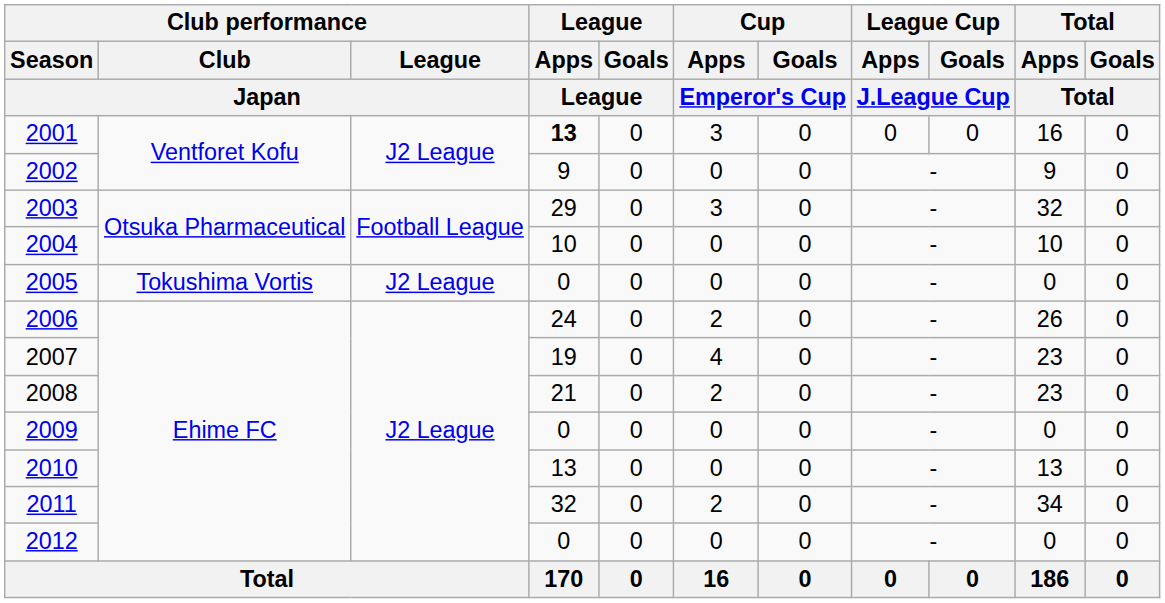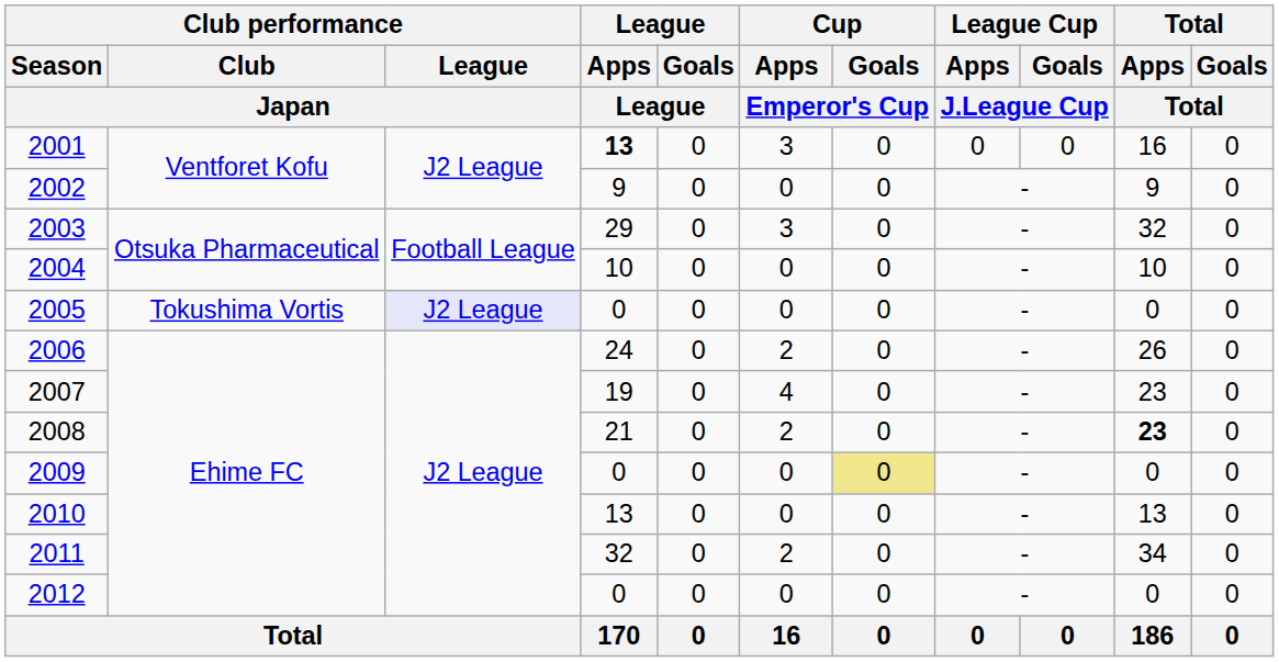 <table class="wikitable" style="text-align:center;">
 <tr>
 <th colspan=3>Club performance</th>
 <th colspan=2>League</th>
 <th colspan=2>Cup</th>
 <th colspan=2>League Cup</th>
 <th colspan=2>Total</th>
 </tr>
 <tr>
 <th>Season</th>
 <th>Club</th>
 <th>League</th>
 <th>Apps</th>
 <th>Goals</th>
 <th>Apps</th>
 <th>Goals</th>
 <th>Apps</th>
 <th>Goals</th>
 <th>Apps</th>
 <th>Goals</th>
 </tr>
 <tr>
 <th colspan=3>Japan</th>
 <th colspan=2>League</th>
 <th colspan=2><a href='#'>Emperor's Cup</a></th>
 <th colspan=2><a href='#'>J.League Cup</a></th>
 <th colspan=2>Total</th>
 </tr>
 <tr>
 <td><a href='#'>2001</a></td>
 <td rowspan="2"><a href='#'>Ventforet Kofu</a></td>
 <td rowspan="2"><a href='#'>J2 League</a></td>
 <td><strong>13</strong></td>
 <td>0</td>
 <td>3</td>
 <td>0</td>
 <td>0</td>
 <td>0</td>
 <td>16</td>
 <td>0</td>
 </tr>
 <tr>
 <td><a href='#'>2002</a></td>
 <td>9</td>
 <td>0</td>
 <td>0</td>
 <td>0</td>
 <td colspan="2">-</td>
 <td>9</td>
 <td>0</td>
 </tr>
 <tr>
 <td><a href='#'>2003</a></td>
 <td rowspan="2"><a href='#'>Otsuka Pharmaceutical</a></td>
 <td rowspan="2"><a href='#'>Football League</a></td>
 <td>29</td>
 <td>0</td>
 <td>3</td>
 <td>0</td>
 <td colspan="2">-</td>
 <td>32</td>
 <td>0</td>
 </tr>
 <tr>
 <td><a href='#'>2004</a></td>
 <td>10</td>
 <td>0</td>
 <td>0</td>
 <td>0</td>
 <td colspan="2">-</td>
 <td>10</td>
 <td>0</td>
 </tr>
 <tr>
 <td><a href='#'>2005</a></td>
 <td><a href='#'>Tokushima Vortis</a></td>
-<td><a href='#'>J2 League</a></td>
+<td style="background: lavender;"><a href='#'>J2 League</a></td>
 <td>0</td>
 <td>0</td>
 <td>0</td>
 <td>0</td>
 <td colspan="2">-</td>
 <td>0</td>
 <td>0</td>
 </tr>
 <tr>
 <td><a href='#'>2006</a></td>
 <td rowspan="7"><a href='#'>Ehime FC</a></td>
 <td rowspan="7"><a href='#'>J2 League</a></td>
 <td>24</td>
 <td>0</td>
 <td>2</td>
 <td>0</td>
 <td colspan="2">-</td>
 <td>26</td>
 <td>0</td>
 </tr>
 <tr>
 <td>2007</td>
 <td>19</td>
 <td>0</td>
 <td>4</td>
 <td>0</td>
 <td colspan="2">-</td>
 <td>23</td>
 <td>0</td>
 </tr>
 <tr>
 <td>2008</td>
 <td>21</td>
 <td>0</td>
 <td>2</td>
 <td>0</td>
 <td colspan="2">-</td>
-<td>23</td>
+<td><strong>23</strong></td>
 <td>0</td>
 </tr>
 <tr>
 <td><a href='#'>2009</a></td>
 <td>0</td>
 <td>0</td>
 <td>0</td>
-<td>0</td>
+<td style="background: khaki;">0</td>
 <td colspan="2">-</td>
 <td>0</td>
 <td>0</td>
 </tr>
 <tr>
 <td><a href='#'>2010</a></td>
 <td>13</td>
 <td>0</td>
 <td>0</td>
 <td>0</td>
 <td colspan="2">-</td>
 <td>13</td>
 <td>0</td>
 </tr>
 <tr>
 <td><a href='#'>2011</a></td>
 <td>32</td>
 <td>0</td>
 <td>2</td>
 <td>0</td>
 <td colspan="2">-</td>
 <td>34</td>
 <td>0</td>
 </tr>
 <tr>
 <td><a href='#'>2012</a></td>
 <td>0</td>
 <td>0</td>
 <td>0</td>
 <td>0</td>
 <td colspan="2">-</td>
 <td>0</td>
 <td>0</td>
 </tr>
 <tr>
 <th colspan=3>Total</th>
 <th>170</th>
 <th>0</th>
 <th>16</th>
 <th>0</th>
 <th>0</th>
 <th>0</th>
 <th>186</th>
 <th>0</th>
 </tr>
 </table>
